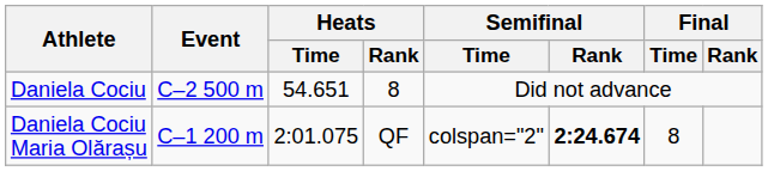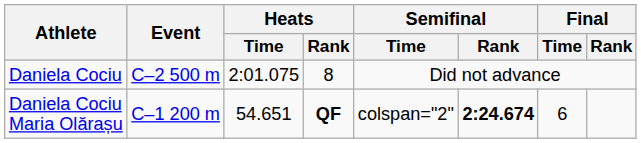 <table class="wikitable" style="text-align:center; font-size:90%">
 <tr>
 <th rowspan=2>Athlete</th>
 <th rowspan=2>Event</th>
 <th colspan=2>Heats</th>
 <th colspan=2>Semifinal</th>
 <th colspan=2>Final</th>
 </tr>
 <tr style="font-size:95%">
 <th>Time</th>
 <th>Rank</th>
 <th>Time</th>
 <th>Rank</th>
 <th>Time</th>
 <th>Rank</th>
 </tr>
 <tr>
 <td align=left><a href='#'>Daniela Cociu</a></td>
 <td align=left><a href='#'>C–2 500 m</a></td>
-<td>54.651</td>
+<td>2:01.075</td>
 <td>8</td>
 <td colspan=4>Did not advance</td>
 </tr>
 <tr>
 <td align=left><a href='#'>Daniela Cociu</a><br><a href='#'>Maria Olărașu</a></td>
 <td align=left><a href='#'>C–1 200 m</a></td>
-<td>2:01.075</td>
-<td>QF</td>
+<td>54.651</td>
+<td><strong>QF</strong></td>
 <td>colspan="2" </td>
 <td><strong>2:24.674</strong></td>
-<td>8</td>
+<td>6</td>
 </tr>
 </table>
